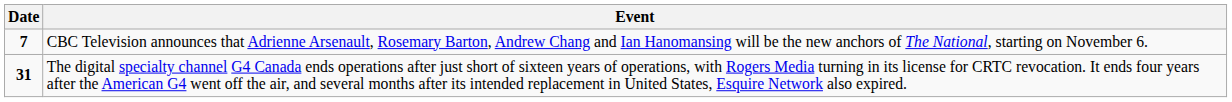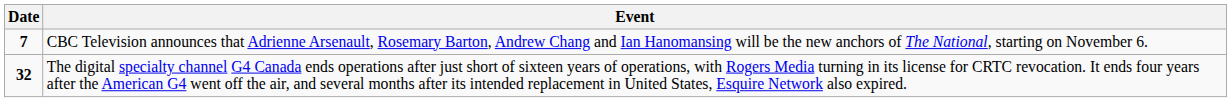 <table class="wikitable">
 <tr>
 <th>Date</th>
 <th>Event</th>
 </tr>
 <tr>
 <td style="text-align:center;"><strong>7</strong></td>
 <td>CBC Television announces that <a href='#'>Adrienne Arsenault</a>, <a href='#'>Rosemary Barton</a>, <a href='#'>Andrew Chang</a> and <a href='#'>Ian Hanomansing</a> will be the new anchors of <em><a href='#'>The National</a></em>, starting on November 6.</td>
 </tr>
 <tr>
-<td style="text-align:center;"><strong>31</strong></td>
+<td style="text-align:center;"><strong>32</strong></td>
 <td>The digital <a href='#'>specialty channel</a> <a href='#'>G4 Canada</a> ends operations after just short of sixteen years of operations, with <a href='#'>Rogers Media</a> turning in its license for CRTC revocation. It ends four years after the <a href='#'>American G4</a> went off the air, and several months after its intended replacement in United States, <a href='#'>Esquire Network</a> also expired.</td>
 </tr>
 </table>
